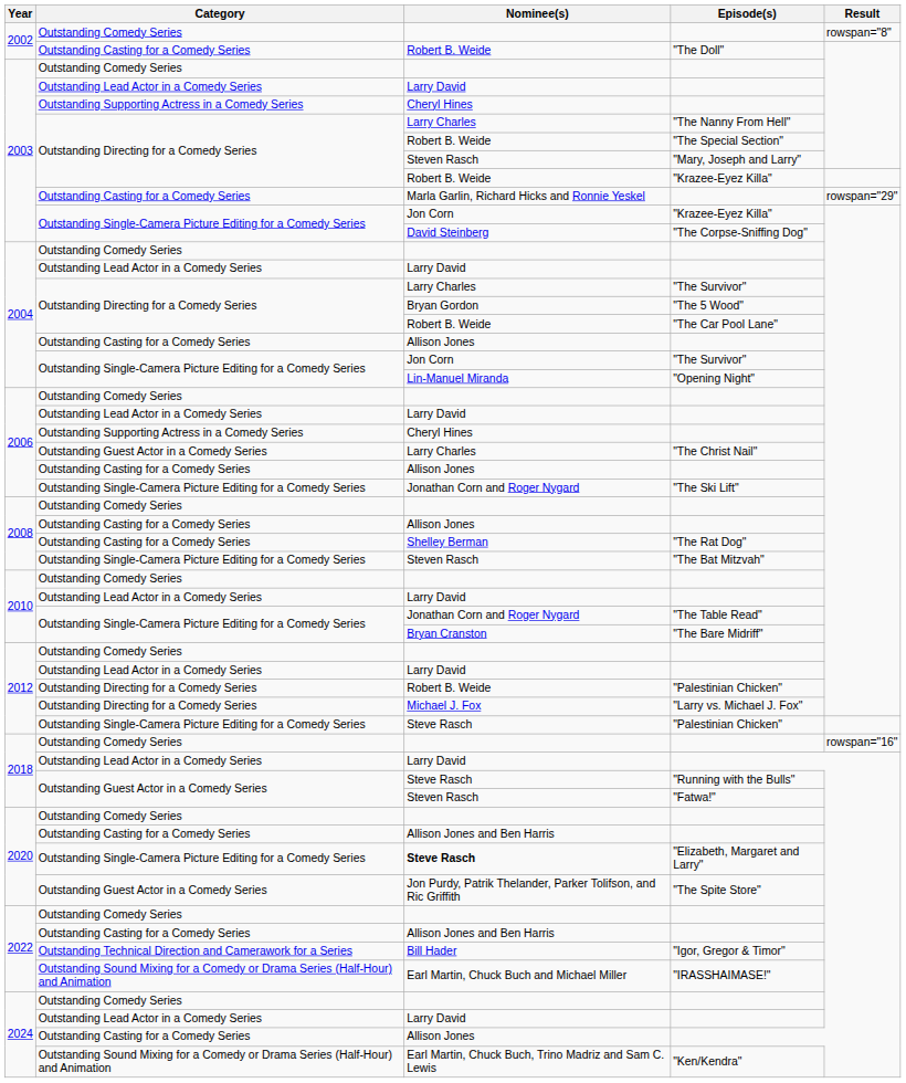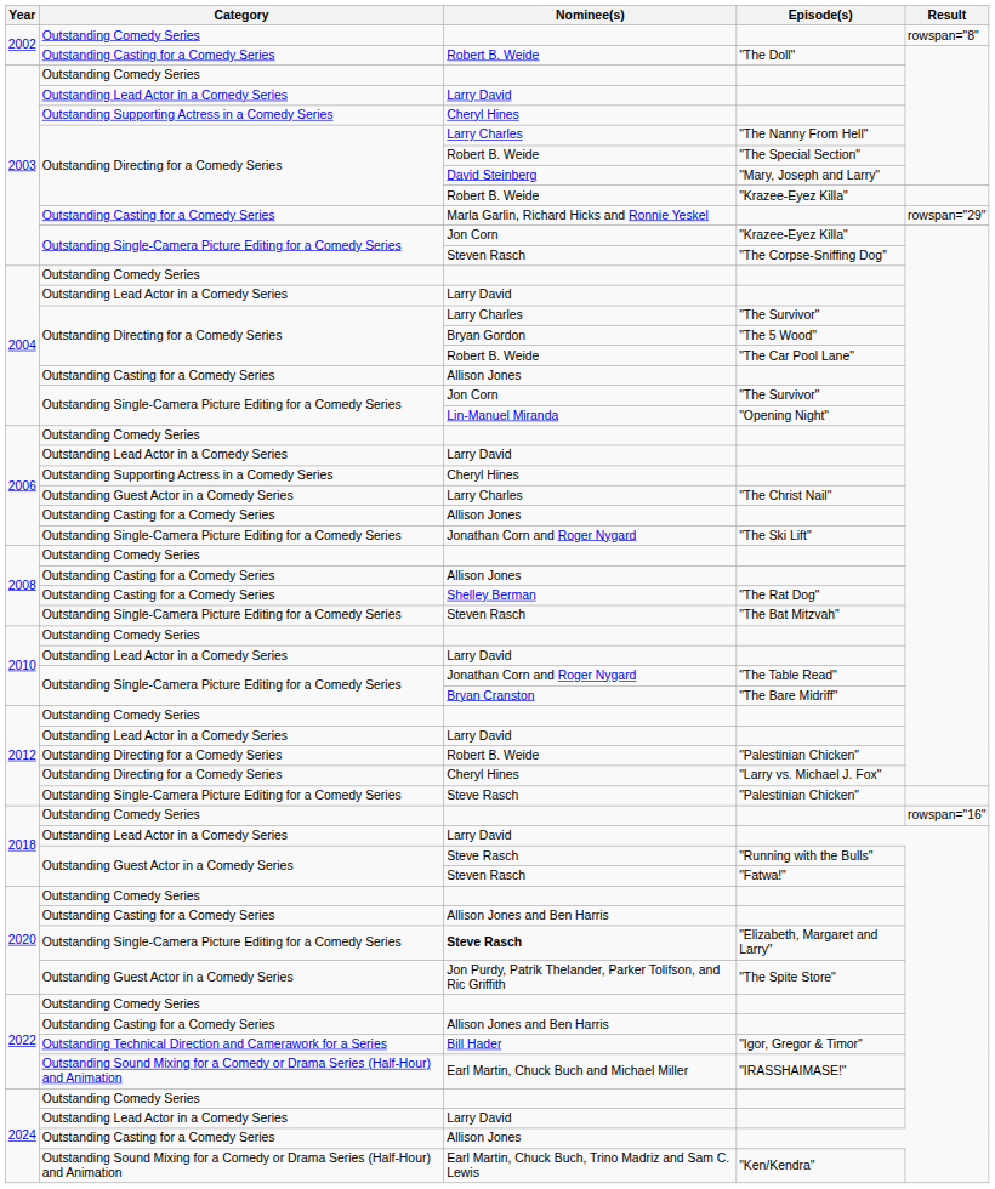 <table class="wikitable">
 <tr>
 <th>Year</th>
 <th>Category</th>
 <th>Nominee(s)</th>
 <th>Episode(s)</th>
 <th>Result</th>
 </tr>
 <tr>
 <td rowspan="2"><a href='#'>2002</a></td>
 <td><a href='#'>Outstanding Comedy Series</a></td>
 <td></td>
 <td></td>
 <td>rowspan="8"</td>
 </tr>
 <tr>
 <td><a href='#'>Outstanding Casting for a Comedy Series</a></td>
 <td><a href='#'>Robert B. Weide</a></td>
 <td>"The Doll"</td>
 </tr>
 <tr>
 <td rowspan="10"><a href='#'>2003</a></td>
 <td>Outstanding Comedy Series</td>
 <td></td>
 <td></td>
 </tr>
 <tr>
 <td><a href='#'>Outstanding Lead Actor in a Comedy Series</a></td>
 <td><a href='#'>Larry David</a></td>
 <td></td>
 </tr>
 <tr>
 <td><a href='#'>Outstanding Supporting Actress in a Comedy Series</a></td>
 <td><a href='#'>Cheryl Hines</a></td>
 <td></td>
 </tr>
 <tr>
 <td rowspan="4">Outstanding Directing for a Comedy Series</td>
 <td><a href='#'>Larry Charles</a></td>
 <td>"The Nanny From Hell"</td>
 </tr>
 <tr>
 <td>Robert B. Weide</td>
 <td>"The Special Section"</td>
 </tr>
 <tr>
-<td>Steven Rasch</td>
+<td><a href='#'>David Steinberg</a></td>
 <td>"Mary, Joseph and Larry"</td>
 </tr>
 <tr>
 <td>Robert B. Weide</td>
 <td>"Krazee-Eyez Killa"</td>
 <td></td>
 </tr>
 <tr>
 <td><a href='#'>Outstanding Casting for a Comedy Series</a></td>
 <td>Marla Garlin, Richard Hicks and <a href='#'>Ronnie Yeskel</a></td>
 <td></td>
 <td>rowspan="29"</td>
 </tr>
 <tr>
 <td rowspan="2"><a href='#'>Outstanding Single-Camera Picture Editing for a Comedy Series</a></td>
 <td>Jon Corn</td>
 <td>"Krazee-Eyez Killa"</td>
 </tr>
 <tr>
-<td><a href='#'>David Steinberg</a></td>
+<td>Steven Rasch</td>
 <td>"The Corpse-Sniffing Dog"</td>
 </tr>
 <tr>
 <td rowspan="8"><a href='#'>2004</a></td>
 <td>Outstanding Comedy Series</td>
 <td></td>
 <td></td>
 </tr>
 <tr>
 <td>Outstanding Lead Actor in a Comedy Series</td>
 <td>Larry David</td>
 <td></td>
 </tr>
 <tr>
 <td rowspan="3">Outstanding Directing for a Comedy Series</td>
 <td>Larry Charles</td>
 <td>"The Survivor"</td>
 </tr>
 <tr>
 <td>Bryan Gordon</td>
 <td>"The 5 Wood"</td>
 </tr>
 <tr>
 <td>Robert B. Weide</td>
 <td>"The Car Pool Lane"</td>
 </tr>
 <tr>
 <td>Outstanding Casting for a Comedy Series</td>
 <td>Allison Jones</td>
 <td></td>
 </tr>
 <tr>
 <td rowspan="2">Outstanding Single-Camera Picture Editing for a Comedy Series</td>
 <td>Jon Corn</td>
 <td>"The Survivor"</td>
 </tr>
 <tr>
 <td><a href='#'>Lin-Manuel Miranda</a></td>
 <td>"Opening Night"</td>
 </tr>
 <tr>
 <td rowspan="6"><a href='#'>2006</a></td>
 <td>Outstanding Comedy Series</td>
 <td></td>
 <td></td>
 </tr>
 <tr>
 <td>Outstanding Lead Actor in a Comedy Series</td>
 <td>Larry David</td>
 <td></td>
 </tr>
 <tr>
 <td>Outstanding Supporting Actress in a Comedy Series</td>
 <td>Cheryl Hines</td>
 <td></td>
 </tr>
 <tr>
 <td>Outstanding Guest Actor in a Comedy Series</td>
 <td>Larry Charles</td>
 <td>"The Christ Nail"</td>
 </tr>
 <tr>
 <td>Outstanding Casting for a Comedy Series</td>
 <td>Allison Jones</td>
 <td></td>
 </tr>
 <tr>
 <td>Outstanding Single-Camera Picture Editing for a Comedy Series</td>
 <td>Jonathan Corn and <a href='#'>Roger Nygard</a></td>
 <td>"The Ski Lift"</td>
 </tr>
 <tr>
 <td rowspan="4"><a href='#'>2008</a></td>
 <td>Outstanding Comedy Series</td>
 <td></td>
 <td></td>
 </tr>
 <tr>
 <td>Outstanding Casting for a Comedy Series</td>
 <td>Allison Jones</td>
 <td></td>
 </tr>
 <tr>
 <td>Outstanding Casting for a Comedy Series</td>
 <td><a href='#'>Shelley Berman</a></td>
 <td>"The Rat Dog"</td>
 </tr>
 <tr>
 <td>Outstanding Single-Camera Picture Editing for a Comedy Series</td>
 <td>Steven Rasch</td>
 <td>"The Bat Mitzvah"</td>
 </tr>
 <tr>
 <td rowspan="4"><a href='#'>2010</a></td>
 <td>Outstanding Comedy Series</td>
 <td></td>
 <td></td>
 </tr>
 <tr>
 <td>Outstanding Lead Actor in a Comedy Series</td>
 <td>Larry David</td>
 <td></td>
 </tr>
 <tr>
 <td rowspan="2">Outstanding Single-Camera Picture Editing for a Comedy Series</td>
 <td>Jonathan Corn and <a href='#'>Roger Nygard</a></td>
 <td>"The Table Read"</td>
 </tr>
 <tr>
 <td><a href='#'>Bryan Cranston</a></td>
 <td>"The Bare Midriff"</td>
 </tr>
 <tr>
 <td rowspan="5"><a href='#'>2012</a></td>
 <td>Outstanding Comedy Series</td>
 <td></td>
 <td></td>
 </tr>
 <tr>
 <td>Outstanding Lead Actor in a Comedy Series</td>
 <td>Larry David</td>
 <td></td>
 </tr>
 <tr>
 <td>Outstanding Directing for a Comedy Series</td>
 <td>Robert B. Weide</td>
 <td>"Palestinian Chicken"</td>
 </tr>
 <tr>
 <td>Outstanding Directing for a Comedy Series</td>
-<td><a href='#'>Michael J. Fox</a></td>
+<td>Cheryl Hines</td>
 <td>"Larry vs. Michael J. Fox"</td>
 </tr>
 <tr>
 <td>Outstanding Single-Camera Picture Editing for a Comedy Series</td>
 <td>Steve Rasch</td>
 <td>"Palestinian Chicken"</td>
 <td></td>
 </tr>
 <tr>
 <td rowspan="4"><a href='#'>2018</a></td>
 <td>Outstanding Comedy Series</td>
 <td></td>
 <td></td>
 <td>rowspan="16"</td>
 </tr>
 <tr>
 <td>Outstanding Lead Actor in a Comedy Series</td>
 <td>Larry David</td>
 </tr>
 <tr>
 <td rowspan="2">Outstanding Guest Actor in a Comedy Series</td>
 <td>Steve Rasch</td>
 <td>"Running with the Bulls"</td>
 </tr>
 <tr>
 <td>Steven Rasch</td>
 <td>"Fatwa!"</td>
 </tr>
 <tr>
 <td rowspan="4"><a href='#'>2020</a></td>
 <td>Outstanding Comedy Series</td>
 <td></td>
 <td></td>
 </tr>
 <tr>
 <td>Outstanding Casting for a Comedy Series</td>
 <td>Allison Jones and Ben Harris</td>
 <td></td>
 </tr>
 <tr>
 <td>Outstanding Single-Camera Picture Editing for a Comedy Series</td>
 <td><strong>Steve Rasch</strong></td>
 <td>"Elizabeth, Margaret and Larry"</td>
 </tr>
 <tr>
 <td>Outstanding Guest Actor in a Comedy Series</td>
 <td>Jon Purdy, Patrik Thelander, Parker Tolifson, and Ric Griffith</td>
 <td>"The Spite Store"</td>
 </tr>
 <tr>
 <td rowspan="4"><a href='#'>2022</a></td>
 <td>Outstanding Comedy Series</td>
 <td></td>
 <td></td>
 </tr>
 <tr>
 <td>Outstanding Casting for a Comedy Series</td>
 <td>Allison Jones and Ben Harris</td>
 <td></td>
 </tr>
 <tr>
 <td><a href='#'>Outstanding Technical Direction and Camerawork for a Series</a></td>
 <td><a href='#'>Bill Hader</a></td>
 <td>"Igor, Gregor & Timor"</td>
 </tr>
 <tr>
 <td><a href='#'>Outstanding Sound Mixing for a Comedy or Drama Series (Half-Hour) and Animation</a></td>
 <td>Earl Martin, Chuck Buch and Michael Miller</td>
 <td>"IRASSHAIMASE!"</td>
 </tr>
 <tr>
 <td rowspan="4"><a href='#'>2024</a></td>
 <td>Outstanding Comedy Series</td>
 <td></td>
 <td></td>
 </tr>
 <tr>
 <td>Outstanding Lead Actor in a Comedy Series</td>
 <td>Larry David</td>
 <td></td>
 </tr>
 <tr>
 <td>Outstanding Casting for a Comedy Series</td>
 <td>Allison Jones</td>
 </tr>
 <tr>
 <td>Outstanding Sound Mixing for a Comedy or Drama Series (Half-Hour) and Animation</td>
 <td>Earl Martin, Chuck Buch, Trino Madriz and Sam C. Lewis</td>
 <td>"Ken/Kendra"</td>
 </tr>
 </table>
